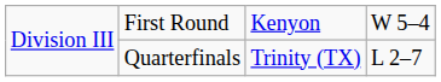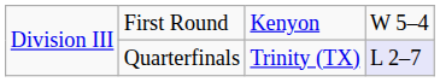 <table class="wikitable">
 <tr>
 <td rowspan="5"><a href='#'>Division III</a></td>
 <td>First Round</td>
 <td><a href='#'>Kenyon</a></td>
 <td>W 5–4</td>
 </tr>
 <tr>
 <td>Quarterfinals</td>
 <td><a href='#'>Trinity (TX)</a></td>
-<td>L 2–7</td>
+<td style="background: lavender;">L 2–7</td>
 </tr>
 </table>
